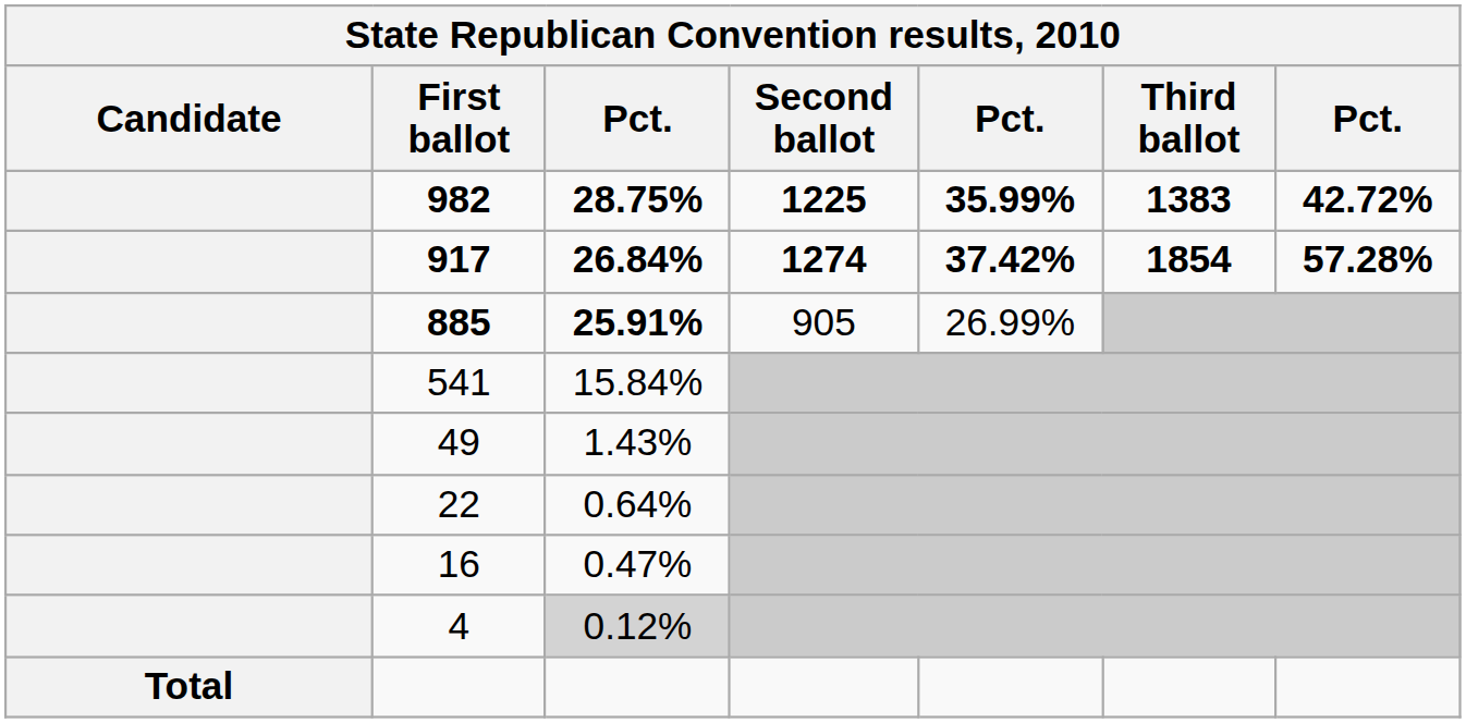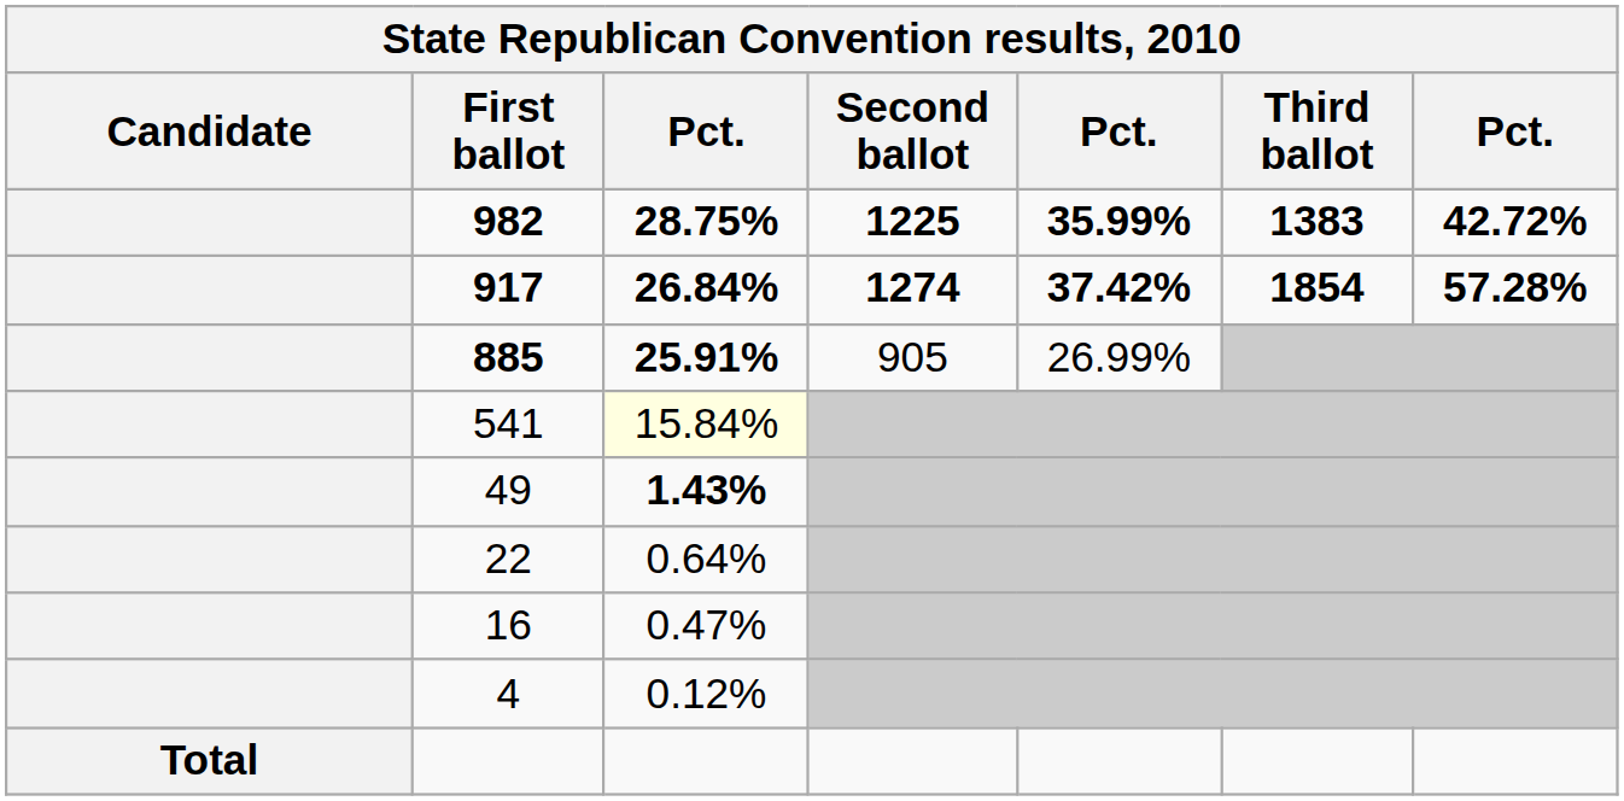 <table class="wikitable sortable plainrowheaders">
 <tr>
 <th colspan="7" >State Republican Convention results, 2010</th>
 </tr>
 <tr style="background:#eee; text-align:center;">
 <th scope="col" style="width: 12em">Candidate</th>
 <th scope="col"  style="width: 5em">First ballot</th>
 <th scope="col"  style="width: 5em">Pct.</th>
 <th scope="col"  style="width: 5em">Second ballot</th>
 <th scope="col"  style="width: 5em">Pct.</th>
 <th scope="col"  style="width: 5em">Third ballot</th>
 <th scope="col"  style="width: 5em">Pct.</th>
 </tr>
 <tr>
 <th scope="row"><strong></strong></th>
 <td style="text-align:center;"><strong>982</strong></td>
 <td style="text-align:center;"><strong>28.75%</strong></td>
 <td style="text-align:center;"><strong>1225</strong></td>
 <td style="text-align:center;"><strong>35.99%</strong></td>
 <td style="text-align:center;"><strong>1383</strong></td>
 <td style="text-align:center;"><strong>42.72%</strong></td>
 </tr>
 <tr>
 <th scope="row"><strong></strong></th>
 <td style="text-align:center;"><strong>917</strong></td>
 <td style="text-align:center;"><strong>26.84%</strong></td>
 <td style="text-align:center;"><strong>1274</strong></td>
 <td style="text-align:center;"><strong>37.42%</strong></td>
 <td style="text-align:center;"><strong>1854</strong></td>
 <td style="text-align:center;"><strong>57.28%</strong></td>
 </tr>
 <tr>
 <th scope="row"></th>
 <td style="text-align:center;"><strong>885</strong></td>
 <td style="text-align:center;"><strong>25.91%</strong></td>
 <td style="text-align:center;">905</td>
 <td style="text-align:center;">26.99%</td>
 <td colspan=2 style="text-align:center; background:#cbcbcb"><em></em></td>
 </tr>
 <tr>
 <th scope="row"></th>
 <td style="text-align:center;">541</td>
-<td style="text-align:center;">15.84%</td>
+<td style="background: lightyellow; text-align:center;">15.84%</td>
 <td colspan=4 style="text-align:center; background:#cbcbcb"><em></em></td>
 </tr>
 <tr>
 <th scope="row"></th>
 <td style="text-align:center;">49</td>
-<td style="text-align:center;">1.43%</td>
+<td style="text-align:center;"><strong>1.43%</strong></td>
 <td colspan=4 style="text-align:center; background:#cbcbcb"><em></em></td>
 </tr>
 <tr>
 <th scope="row"></th>
 <td style="text-align:center;">22</td>
 <td style="text-align:center;">0.64%</td>
 <td colspan=4 style="text-align:center; background:#cbcbcb"><em></em></td>
 </tr>
 <tr>
 <th scope="row"></th>
 <td style="text-align:center;">16</td>
 <td style="text-align:center;">0.47%</td>
 <td colspan=4 style="text-align:center; background:#cbcbcb"><em></em></td>
 </tr>
 <tr>
 <th scope="row"></th>
 <td style="text-align:center;">4</td>
-<td style="background: lightgrey; text-align:center;">0.12%</td>
+<td style="text-align:center;">0.12%</td>
 <td colspan=4 style="text-align:center; background:#cbcbcb"><em></em></td>
 </tr>
 <tr>
 <th scope="row"><strong>Total</strong></th>
 <td style="text-align:center;"></td>
 <td style="text-align:center;"></td>
 <td style="text-align:center;"></td>
 <td style="text-align:center;"></td>
 <td style="text-align:center;"></td>
 <td style="text-align:center;"></td>
 </tr>
 </table>
